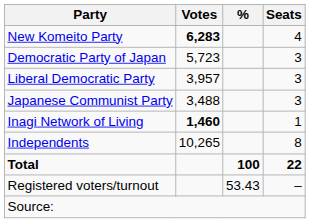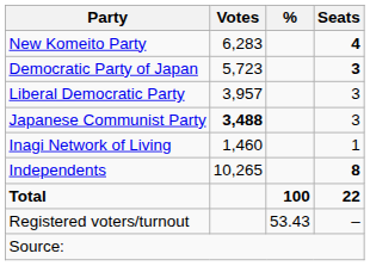 <table class=wikitable style=text-align:right>
 <tr>
 <th>Party</th>
 <th>Votes</th>
 <th>%</th>
 <th>Seats</th>
 </tr>
 <tr>
 <td align=left><a href='#'>New Komeito Party</a></td>
-<td><strong>6,283</strong></td>
+<td>6,283</td>
 <td></td>
-<td>4</td>
+<td><strong>4</strong></td>
 </tr>
 <tr>
 <td align=left><a href='#'>Democratic Party of Japan</a></td>
 <td>5,723</td>
 <td></td>
-<td>3</td>
+<td><strong>3</strong></td>
 </tr>
 <tr>
 <td align=left><a href='#'>Liberal Democratic Party</a></td>
 <td>3,957</td>
 <td></td>
 <td>3</td>
 </tr>
 <tr>
 <td align=left><a href='#'>Japanese Communist Party</a></td>
-<td>3,488</td>
+<td><strong>3,488</strong></td>
 <td></td>
 <td>3</td>
 </tr>
 <tr>
 <td align=left><a href='#'>Inagi Network of Living</a></td>
-<td><strong>1,460</strong></td>
+<td>1,460</td>
 <td></td>
 <td>1</td>
 </tr>
 <tr>
 <td align=left><a href='#'>Independents</a></td>
 <td>10,265</td>
 <td></td>
-<td>8</td>
+<td><strong>8</strong></td>
 </tr>
 <tr>
 <td align=left><strong>Total</strong></td>
 <td></td>
 <td><strong>100</strong></td>
 <td><strong>22</strong></td>
 </tr>
 <tr>
 <td align=left>Registered voters/turnout</td>
 <td></td>
 <td>53.43</td>
 <td>–</td>
 </tr>
 <tr>
 <td align=left colspan=4>Source:</td>
 </tr>
 </table>
